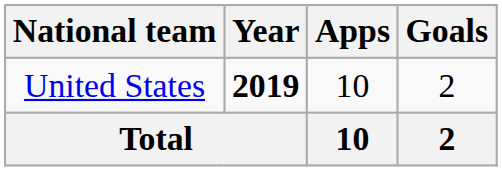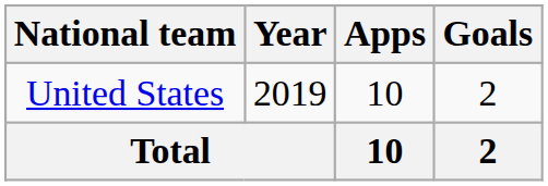 <table class="wikitable" style="text-align:center">
 <tr>
 <th>National team</th>
 <th>Year</th>
 <th>Apps</th>
 <th>Goals</th>
 </tr>
 <tr>
 <td rowspan=1><a href='#'>United States</a></td>
-<td><strong>2019</strong></td>
+<td>2019</td>
 <td>10</td>
 <td>2</td>
 </tr>
 <tr>
 <th colspan="2">Total</th>
 <th>10</th>
 <th>2</th>
 </tr>
 </table>
